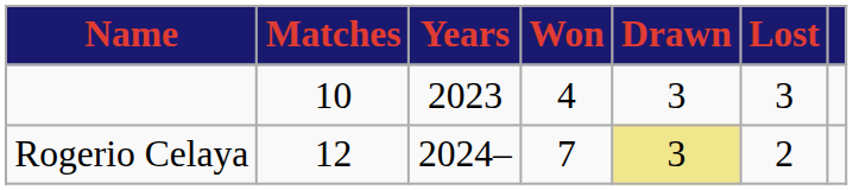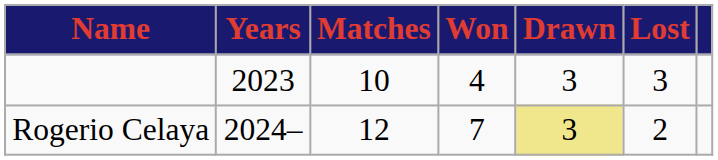 <table class="wikitable sortable" style="text-align:center;">
 <tr>
 <th style="background:#191970; color:#E03C31">Name</th>
+<th style="background:#191970; color:#E03C31">Years</th>
 <th style="background:#191970; color:#E03C31">Matches</th>
-<th style="background:#191970; color:#E03C31">Years</th>
 <th style="background:#191970; color:#E03C31">Won</th>
 <th style="background:#191970; color:#E03C31">Drawn</th>
 <th style="background:#191970; color:#E03C31">Lost</th>
 <th style="background:#191970; color:#E03C31"></th>
 </tr>
 <tr>
 <td style="text-align:left"> </td>
+<td>2023</td>
 <td>10</td>
-<td>2023</td>
 <td>4</td>
 <td>3</td>
 <td>3</td>
 <td></td>
 </tr>
 <tr>
 <td style="text-align:left"> Rogerio Celaya</td>
+<td>2024–</td>
 <td>12</td>
-<td>2024–</td>
 <td>7</td>
 <td style="background: khaki;">3</td>
 <td>2</td>
 <td></td>
 </tr>
 </table>
